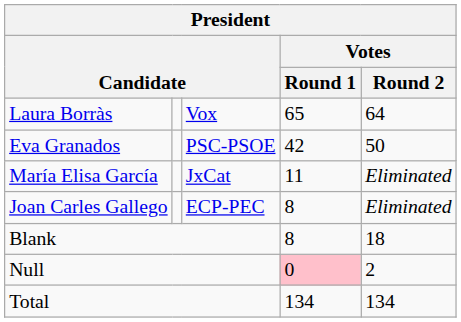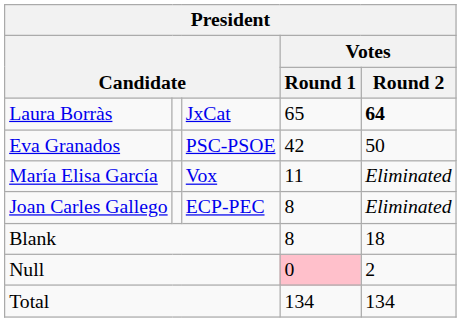 <table class="wikitable">
 <tr>
 <th colspan="5">President</th>
 </tr>
 <tr>
 <th colspan="3" rowspan="2" valign="bottom">Candidate</th>
 <th colspan="2">Votes</th>
 </tr>
 <tr>
 <th>Round 1</th>
 <th>Round 2</th>
 </tr>
 <tr>
 <td align="left"><a href='#'>Laura Borràs</a></td>
 <td></td>
-<td><a href='#'>Vox</a></td>
+<td align="left"><a href='#'>JxCat</a></td>
 <td>65</td>
-<td>64</td>
+<td><strong>64</strong></td>
 </tr>
 <tr>
 <td align="left"><a href='#'>Eva Granados</a></td>
 <td></td>
 <td align="left"><a href='#'>PSC-PSOE</a></td>
 <td>42</td>
 <td>50</td>
 </tr>
 <tr>
 <td><a href='#'>María Elisa García</a></td>
 <td></td>
-<td align="left"><a href='#'>JxCat</a></td>
+<td><a href='#'>Vox</a></td>
 <td>11</td>
 <td><em>Eliminated</em></td>
 </tr>
 <tr>
 <td><a href='#'>Joan Carles Gallego</a></td>
 <td></td>
 <td><a href='#'>ECP-PEC</a></td>
 <td>8</td>
 <td><em>Eliminated</em></td>
 </tr>
 <tr>
 <td colspan="3" align="left">Blank</td>
 <td>8</td>
 <td>18</td>
 </tr>
 <tr>
 <td colspan="3">Null</td>
 <td style="background: pink;">0</td>
 <td>2</td>
 </tr>
 <tr>
 <td colspan="3" align="left">Total</td>
 <td>134</td>
 <td>134</td>
 </tr>
 </table>
